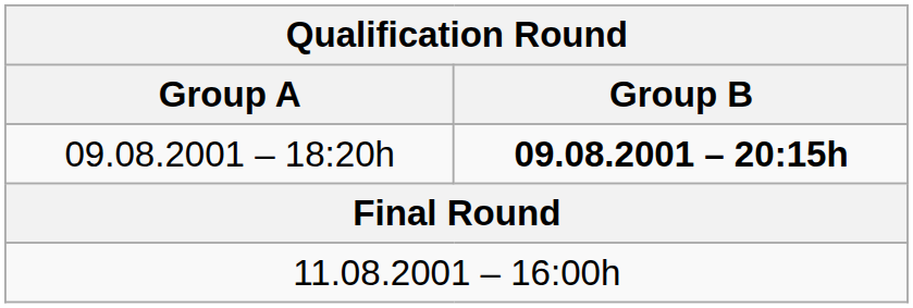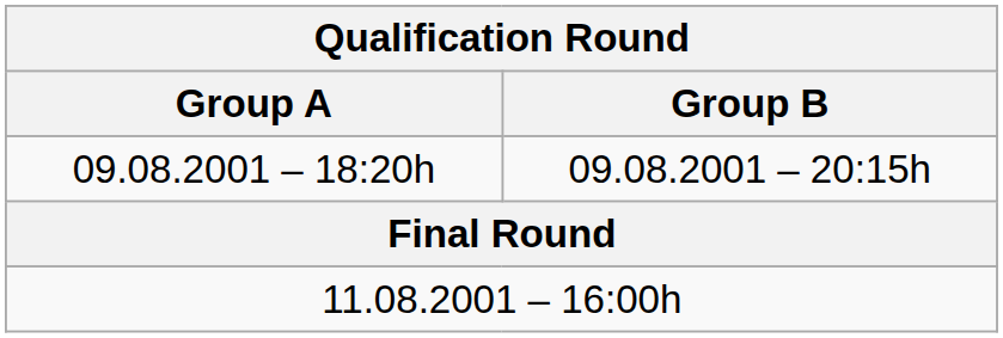 <table class="wikitable" style=" text-align:center; font-size:110%;" width="35%">
 <tr>
 <th colspan="2">Qualification Round</th>
 </tr>
 <tr>
 <th>Group A</th>
 <th>Group B</th>
 </tr>
 <tr>
 <td>09.08.2001 – 18:20h</td>
-<td><strong>09.08.2001 – 20:15h</strong></td>
+<td>09.08.2001 – 20:15h</td>
 </tr>
 <tr>
 <th colspan="2">Final Round</th>
 </tr>
 <tr>
 <td colspan="2">11.08.2001 – 16:00h</td>
 </tr>
 </table>
